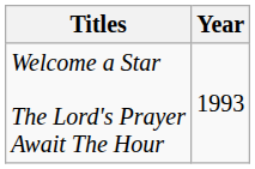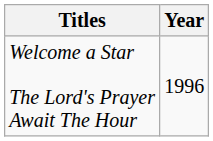 <table class="wikitable">
 <tr>
 <th>Titles</th>
 <th>Year</th>
 </tr>
 <tr>
 <td><em>Welcome a Star</em><br><br><em>The Lord's Prayer</em><br> <em>Await The Hour</em></td>
-<td>1993</td>
+<td>1996</td>
 </tr>
 </table>
